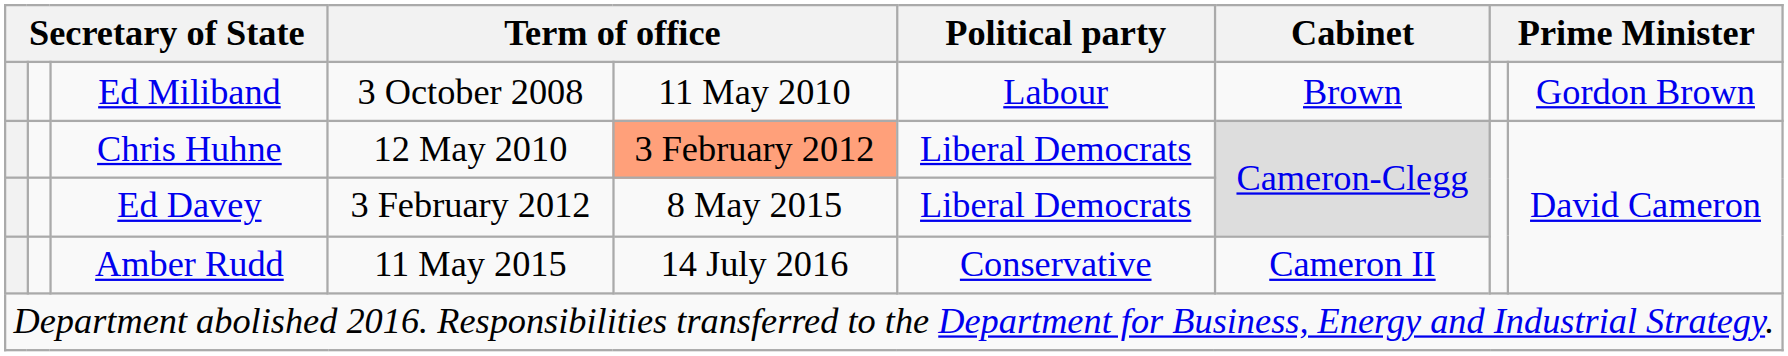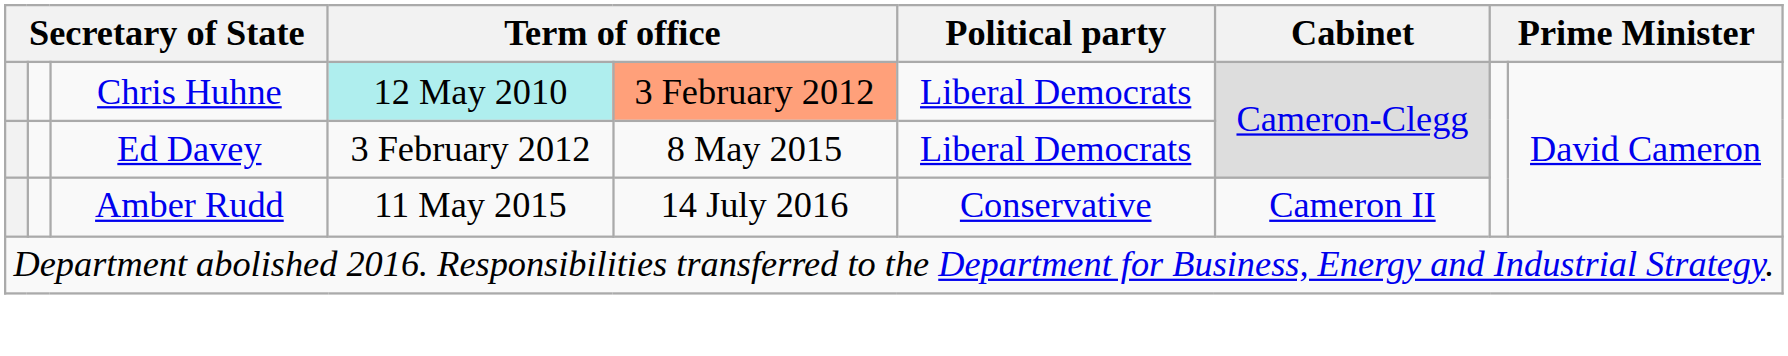 <table class="wikitable" style="text-align:center">
 <tr>
 <th colspan=3>Secretary of State</th>
 <th colspan=2>Term of office</th>
 <th>Political party</th>
 <th>Cabinet</th>
 <th colspan="2">Prime Minister</th>
 </tr>
 <tr>
 <th style="background-color:"></th>
 <td></td>
-<td><a href='#'>Ed Miliband</a><br></td>
-<td>3 October 2008</td>
-<td>11 May 2010</td>
-<td><a href='#'>Labour</a></td>
-<td><a href='#'>Brown</a></td>
-<td style="background-color:"></td>
-<td><a href='#'>Gordon Brown</a></td>
-</tr>
-<tr>
-<th style="background-color:"></th>
-<td></td>
 <td><a href='#'>Chris Huhne</a><br></td>
-<td>12 May 2010</td>
+<td style="background: paleturquoise;">12 May 2010</td>
 <td style="background: lightsalmon;">3 February 2012</td>
 <td><a href='#'>Liberal Democrats</a></td>
 <td rowspan="2" style="background-color:#dddddd"><a href='#'>Cameron-Clegg</a></td>
 <td rowspan="3" style="background-color:"></td>
 <td rowspan="3"><a href='#'>David Cameron</a></td>
 </tr>
 <tr>
 <th style="background-color:"></th>
 <td></td>
 <td><a href='#'>Ed Davey</a><br></td>
 <td>3 February 2012</td>
 <td>8 May 2015</td>
 <td><a href='#'>Liberal Democrats</a></td>
 </tr>
 <tr>
 <th style="background-color:"></th>
 <td></td>
 <td><a href='#'>Amber Rudd</a><br></td>
 <td>11 May 2015</td>
 <td>14 July 2016</td>
 <td><a href='#'>Conservative</a></td>
 <td><a href='#'>Cameron II</a></td>
 </tr>
 <tr>
 <td colspan=9><em>Department abolished 2016. Responsibilities transferred to the <a href='#'>Department for Business, Energy and Industrial Strategy</a>.</em></td>
 </tr>
 </table>
